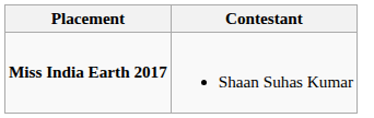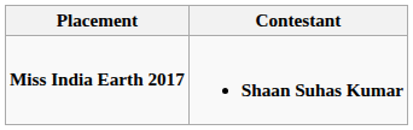 <table class="wikitable sortable" style="font-size: 95%;">
 <tr>
 <th>Placement</th>
 <th>Contestant</th>
 </tr>
 <tr>
 <td><strong>Miss India Earth 2017</strong></td>
-<td><br><ul><li>Shaan Suhas Kumar</li></ul></td>
+<td><strong><br><ul><li>Shaan Suhas Kumar</li></ul></strong></td>
 </tr>
 </table>
